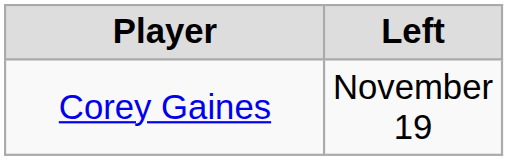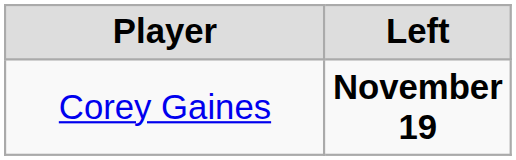 <table class="wikitable" style="text-align: center">
 <tr align="center"  bgcolor="#dddddd">
 <td style="width:140px"><strong>Player</strong></td>
 <td style="width:70px"><strong>Left</strong></td>
 </tr>
 <tr style="height:40px">
 <td><a href='#'>Corey Gaines</a></td>
-<td>November 19</td>
+<td><strong>November 19</strong></td>
 </tr>
 </table>
